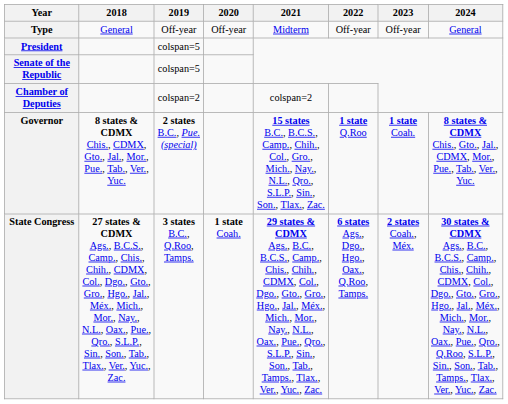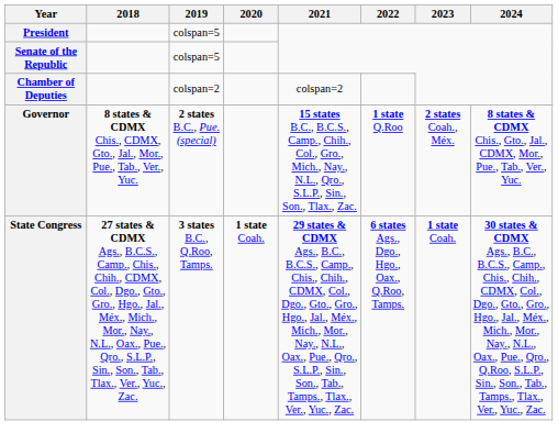 <table class=wikitable style="font-size:80%; width:100%; text-align:center;">
 <tr>
 <th width=15%>Year</th>
 <th width=15%>2018</th>
 <th width=10%>2019</th>
 <th width=10%>2020</th>
 <th width=15%>2021</th>
 <th width=10%>2022</th>
 <th width=10%>2023</th>
 <th width=15%>2024</th>
-</tr>
-<tr>
-<th>Type</th>
-<td><a href='#'>General</a></td>
-<td>Off-year</td>
-<td>Off-year</td>
-<td><a href='#'>Midterm</a></td>
-<td>Off-year</td>
-<td>Off-year</td>
-<td><a href='#'>General</a></td>
 </tr>
 <tr>
 <th><a href='#'>President</a></th>
 <td></td>
 <td>colspan=5 </td>
 <td></td>
 </tr>
 <tr>
 <th><a href='#'>Senate of the Republic</a></th>
 <td></td>
 <td>colspan=5 </td>
 <td></td>
 </tr>
 <tr>
 <th><a href='#'>Chamber of Deputies</a></th>
 <td></td>
 <td>colspan=2 </td>
 <td></td>
 <td>colspan=2 </td>
 <td></td>
 </tr>
 <tr valign=top>
 <th>Governor</th>
 <td><strong>8 states & CDMX</strong><br><a href='#'>Chis.</a>, <a href='#'>CDMX</a>, <a href='#'>Gto.</a>, <a href='#'>Jal.</a>, <a href='#'>Mor.</a>, <a href='#'>Pue.</a>, <a href='#'>Tab.</a>, <a href='#'>Ver.</a>, <a href='#'>Yuc.</a></td>
 <td><strong>2 states</strong><br><a href='#'>B.C.</a>, <em><a href='#'>Pue. (special)</a></em></td>
 <td></td>
 <td><strong><a href='#'>15 states</a></strong><br><a href='#'>B.C.</a>, <a href='#'>B.C.S.</a>, <a href='#'>Camp.</a>, <a href='#'>Chih.</a>, <a href='#'>Col.</a>, <a href='#'>Gro.</a>, <a href='#'>Mich.</a>, <a href='#'>Nay.</a>, <a href='#'>N.L.</a>, <a href='#'>Qro.</a>, <a href='#'>S.L.P.</a>, <a href='#'>Sin.</a>, <a href='#'>Son.</a>, <a href='#'>Tlax.</a>, <a href='#'>Zac.</a></td>
 <td><strong><a href='#'>1 state</a></strong><br><a href='#'>Q.Roo</a></td>
-<td><strong><a href='#'>1 state</a></strong><br><a href='#'>Coah.</a></td>
+<td><strong><a href='#'>2 states</a></strong><br><a href='#'>Coah.</a>, <a href='#'>Méx.</a></td>
 <td><strong><a href='#'>8 states & CDMX</a></strong><br><a href='#'>Chis.</a>, <a href='#'>Gto.</a>, <a href='#'>Jal.</a>, <a href='#'>CDMX</a>, <a href='#'>Mor.</a>, <a href='#'>Pue.</a>, <a href='#'>Tab.</a>, <a href='#'>Ver.</a>, <a href='#'>Yuc.</a></td>
 </tr>
 <tr valign=top>
 <th>State Congress</th>
 <td><strong>27 states & CDMX</strong><br><a href='#'>Ags.</a>, <a href='#'>B.C.S.</a>, <a href='#'>Camp.</a>, <a href='#'>Chis.</a>, <a href='#'>Chih.</a>, <a href='#'>CDMX</a>, <a href='#'>Col.</a>, <a href='#'>Dgo.</a>, <a href='#'>Gto.</a>, <a href='#'>Gro.</a>, <a href='#'>Hgo.</a>, <a href='#'>Jal.</a>, <a href='#'>Méx.</a>, <a href='#'>Mich.</a>, <a href='#'>Mor.</a>, <a href='#'>Nay.</a>, <a href='#'>N.L.</a>, <a href='#'>Oax.</a>, <a href='#'>Pue.</a>, <a href='#'>Qro.</a>, <a href='#'>S.L.P.</a>, <a href='#'>Sin.</a>, <a href='#'>Son.</a>, <a href='#'>Tab.</a>, <a href='#'>Tlax.</a>, <a href='#'>Ver.</a>, <a href='#'>Yuc.</a>, <a href='#'>Zac.</a></td>
 <td><strong>3 states</strong><br><a href='#'>B.C.</a>, <a href='#'>Q.Roo</a>, <a href='#'>Tamps.</a></td>
 <td><strong>1 state</strong><br><a href='#'>Coah.</a></td>
 <td><strong><a href='#'>29 states & CDMX</a></strong><br><a href='#'>Ags.</a>, <a href='#'>B.C.</a>, <a href='#'>B.C.S.</a>, <a href='#'>Camp.</a>, <a href='#'>Chis.</a>, <a href='#'>Chih.</a>, <a href='#'>CDMX</a>, <a href='#'>Col.</a>, <a href='#'>Dgo.</a>, <a href='#'>Gto.</a>, <a href='#'>Gro.</a>, <a href='#'>Hgo.</a>, <a href='#'>Jal.</a>, <a href='#'>Méx.</a>, <a href='#'>Mich.</a>, <a href='#'>Mor.</a>, <a href='#'>Nay.</a>, <a href='#'>N.L.</a>, <a href='#'>Oax.</a>, <a href='#'>Pue.</a>, <a href='#'>Qro.</a>, <a href='#'>S.L.P.</a>, <a href='#'>Sin.</a>, <a href='#'>Son.</a>, <a href='#'>Tab.</a>, <a href='#'>Tamps.</a>, <a href='#'>Tlax.</a>, <a href='#'>Ver.</a>, <a href='#'>Yuc.</a>, <a href='#'>Zac.</a></td>
 <td><strong><a href='#'>6 states</a></strong><br><a href='#'>Ags.</a>, <a href='#'>Dgo.</a>, <a href='#'>Hgo.</a>, <a href='#'>Oax.</a>, <a href='#'>Q.Roo</a>, <a href='#'>Tamps.</a></td>
-<td><strong><a href='#'>2 states</a></strong><br><a href='#'>Coah.</a>, <a href='#'>Méx.</a></td>
+<td><strong><a href='#'>1 state</a></strong><br><a href='#'>Coah.</a></td>
 <td><strong><a href='#'>30 states & CDMX</a></strong><br><a href='#'>Ags.</a>, <a href='#'>B.C.</a>, <a href='#'>B.C.S.</a>, <a href='#'>Camp.</a>, <a href='#'>Chis.</a>, <a href='#'>Chih.</a>, <a href='#'>CDMX</a>, <a href='#'>Col.</a>, <a href='#'>Dgo.</a>, <a href='#'>Gto.</a>, <a href='#'>Gro.</a>, <a href='#'>Hgo.</a>, <a href='#'>Jal.</a>, <a href='#'>Méx.</a>, <a href='#'>Mich.</a>, <a href='#'>Mor.</a>, <a href='#'>Nay.</a>, <a href='#'>N.L.</a>, <a href='#'>Oax.</a>, <a href='#'>Pue.</a>, <a href='#'>Qro.</a>, <a href='#'>Q.Roo</a>, <a href='#'>S.L.P.</a>, <a href='#'>Sin.</a>, <a href='#'>Son.</a>, <a href='#'>Tab.</a>, <a href='#'>Tamps.</a>, <a href='#'>Tlax.</a>, <a href='#'>Ver.</a>, <a href='#'>Yuc.</a>, <a href='#'>Zac.</a></td>
 </tr>
 </table>
